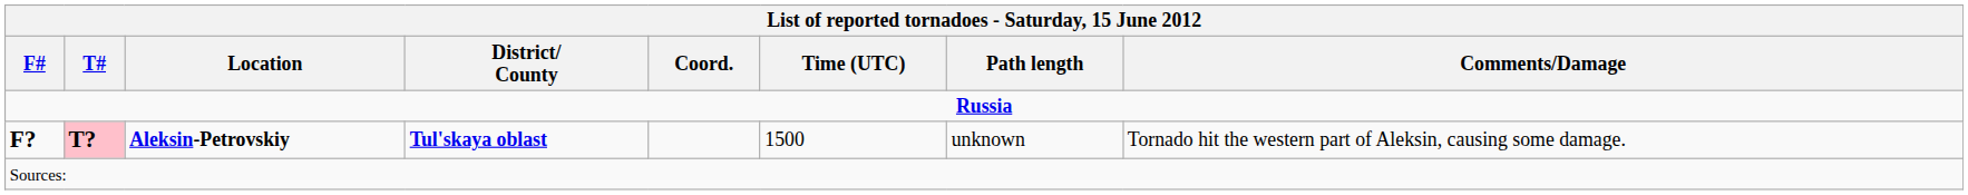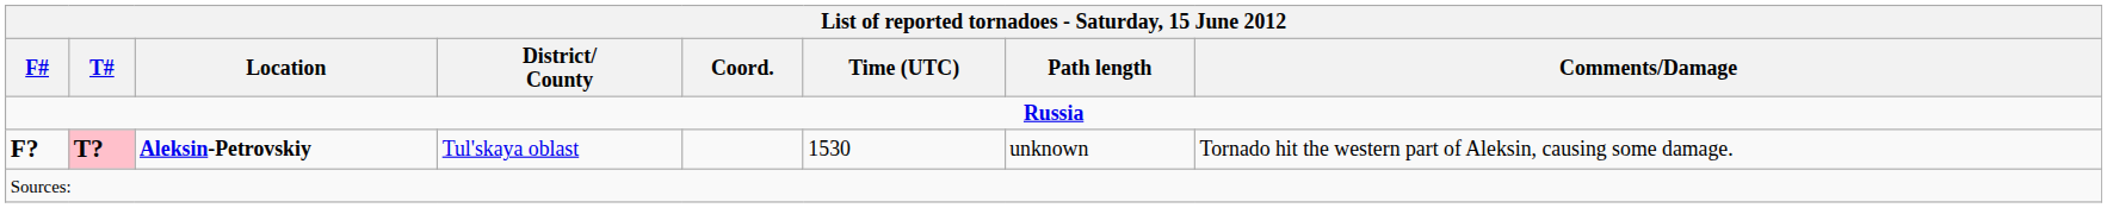 <table class="wikitable collapsible" width="100%">
 <tr>
 <th colspan="8">List of reported tornadoes - Saturday, 15 June 2012</th>
 </tr>
 <tr>
 <th><a href='#'>F#</a></th>
 <th><a href='#'>T#</a></th>
 <th>Location</th>
 <th>District/<br>County</th>
 <th>Coord.</th>
 <th>Time (UTC)</th>
 <th>Path length</th>
 <th>Comments/Damage</th>
 </tr>
 <tr>
 <td colspan="8" align=center><strong><a href='#'>Russia</a></strong></td>
 </tr>
 <tr>
 <td><big><strong>F?</strong></big></td>
 <td style="background: pink;"><big><strong>T?</strong></big></td>
 <td><strong><a href='#'>Aleksin</a>-Petrovskiy</strong></td>
-<td><strong><a href='#'>Tul'skaya oblast</a></strong></td>
+<td><a href='#'>Tul'skaya oblast</a></td>
 <td></td>
-<td>1500</td>
+<td>1530</td>
 <td>unknown</td>
 <td>Tornado hit the western part of Aleksin, causing some damage.</td>
 </tr>
 <tr>
 <td colspan="8"><small>Sources:  </small></td>
 </tr>
 </table>
